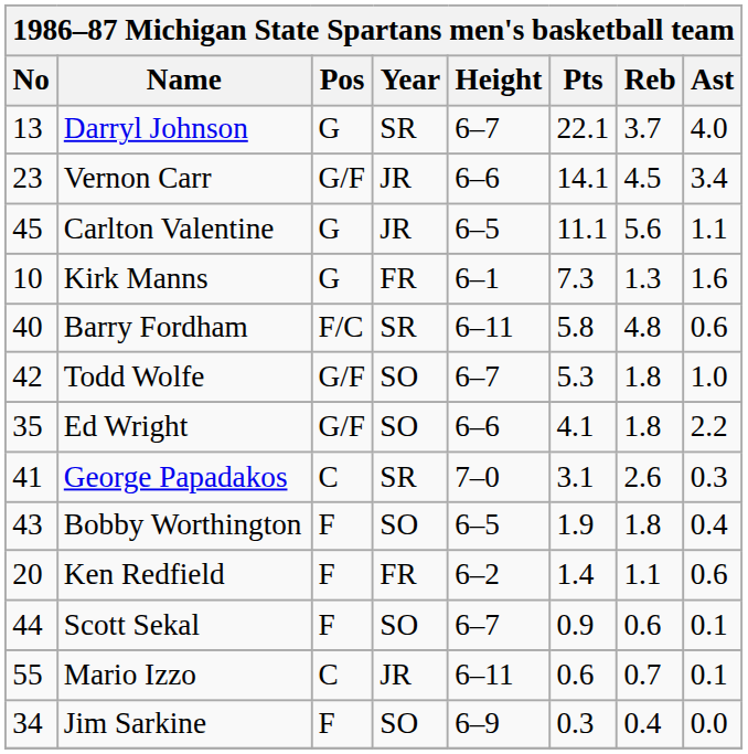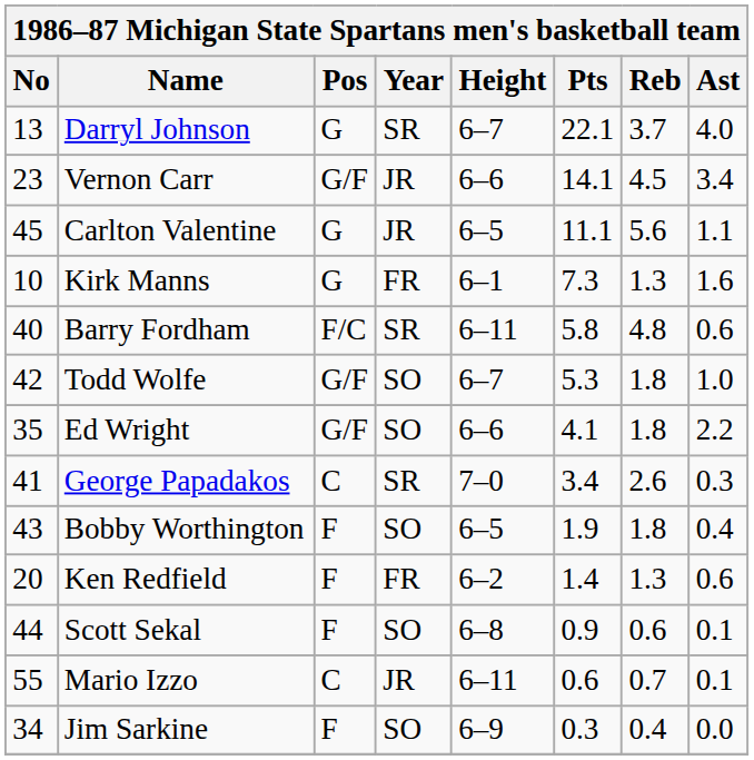 <table class="wikitable sortable" style="font-size: 90%" |->
 <tr>
 <th colspan=9 style=>1986–87 Michigan State Spartans men's basketball team</th>
 </tr>
 <tr>
 <th style="background:#">No</th>
 <th style="background:#">Name</th>
 <th style="background:#">Pos</th>
 <th style="background:#">Year</th>
 <th style="background:#">Height</th>
 <th style="background:#">Pts</th>
 <th style="background:#">Reb</th>
 <th style="background:#">Ast</th>
 </tr>
 <tr>
 <td>13</td>
 <td><a href='#'>Darryl Johnson</a></td>
 <td>G</td>
 <td>SR</td>
 <td>6–7</td>
 <td>22.1</td>
 <td>3.7</td>
 <td>4.0</td>
 </tr>
 <tr>
 <td>23</td>
 <td>Vernon Carr</td>
 <td>G/F</td>
 <td>JR</td>
 <td>6–6</td>
 <td>14.1</td>
 <td>4.5</td>
 <td>3.4</td>
 </tr>
 <tr>
 <td>45</td>
 <td>Carlton Valentine</td>
 <td>G</td>
 <td>JR</td>
 <td>6–5</td>
 <td>11.1</td>
 <td>5.6</td>
 <td>1.1</td>
 </tr>
 <tr>
 <td>10</td>
 <td>Kirk Manns</td>
 <td>G</td>
 <td>FR</td>
 <td>6–1</td>
 <td>7.3</td>
 <td>1.3</td>
 <td>1.6</td>
 </tr>
 <tr>
 <td>40</td>
 <td>Barry Fordham</td>
 <td>F/C</td>
 <td>SR</td>
 <td>6–11</td>
 <td>5.8</td>
 <td>4.8</td>
 <td>0.6</td>
 </tr>
 <tr>
 <td>42</td>
 <td>Todd Wolfe</td>
 <td>G/F</td>
 <td>SO</td>
 <td>6–7</td>
 <td>5.3</td>
 <td>1.8</td>
 <td>1.0</td>
 </tr>
 <tr>
 <td>35</td>
 <td>Ed Wright</td>
 <td>G/F</td>
 <td>SO</td>
 <td>6–6</td>
 <td>4.1</td>
 <td>1.8</td>
 <td>2.2</td>
 </tr>
 <tr>
 <td>41</td>
 <td><a href='#'>George Papadakos</a></td>
 <td>C</td>
 <td>SR</td>
 <td>7–0</td>
-<td>3.1</td>
+<td>3.4</td>
 <td>2.6</td>
 <td>0.3</td>
 </tr>
 <tr>
 <td>43</td>
 <td>Bobby Worthington</td>
 <td>F</td>
 <td>SO</td>
 <td>6–5</td>
 <td>1.9</td>
 <td>1.8</td>
 <td>0.4</td>
 </tr>
 <tr>
 <td>20</td>
 <td>Ken Redfield</td>
 <td>F</td>
 <td>FR</td>
 <td>6–2</td>
 <td>1.4</td>
-<td>1.1</td>
+<td>1.3</td>
 <td>0.6</td>
 </tr>
 <tr>
 <td>44</td>
 <td>Scott Sekal</td>
 <td>F</td>
 <td>SO</td>
-<td>6–7</td>
+<td>6–8</td>
 <td>0.9</td>
 <td>0.6</td>
 <td>0.1</td>
 </tr>
 <tr>
 <td>55</td>
 <td>Mario Izzo</td>
 <td>C</td>
 <td>JR</td>
 <td>6–11</td>
 <td>0.6</td>
 <td>0.7</td>
 <td>0.1</td>
 </tr>
 <tr>
 <td>34</td>
 <td>Jim Sarkine</td>
 <td>F</td>
 <td>SO</td>
 <td>6–9</td>
 <td>0.3</td>
 <td>0.4</td>
 <td>0.0</td>
 </tr>
 <tr>
 </tr>
 </table>
